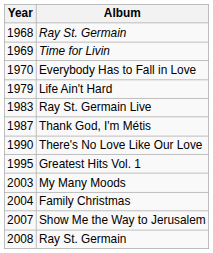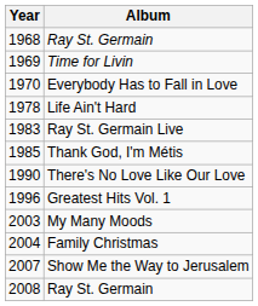 <table class="wikitable">
 <tr>
 <th>Year</th>
 <th>Album</th>
 </tr>
 <tr>
 <td>1968</td>
 <td><em>Ray St. Germain</em></td>
 </tr>
 <tr>
 <td>1969</td>
 <td><em>Time for Livin<strong></td>
 </tr>
 <tr>
 <td>1970</td>
 <td>Everybody Has to Fall in Love</td>
 </tr>
 <tr>
-<td>1979</td>
+<td>1978</td>
 <td></em>Life Ain't Hard<em></td>
 </tr>
 <tr>
 <td>1983</td>
 <td></em>Ray St. Germain Live<em></td>
 </tr>
 <tr>
-<td>1987</td>
+<td>1985</td>
 <td></em>Thank God, I'm Métis<em></td>
 </tr>
 <tr>
 <td>1990</td>
 <td></em>There's No Love Like Our Love<em></td>
 </tr>
 <tr>
-<td>1995</td>
+<td>1996</td>
 <td></em>Greatest Hits Vol. 1<em></td>
 </tr>
 <tr>
 <td>2003</td>
 <td></em>My Many Moods<em></td>
 </tr>
 <tr>
 <td>2004</td>
 <td></em>Family Christmas<em></td>
 </tr>
 <tr>
 <td>2007</td>
 <td></em>Show Me the Way to Jerusalem<em></td>
 </tr>
 <tr>
 <td>2008</td>
 <td></em>Ray St. Germain<em></td>
 </tr>
 </table>
